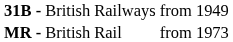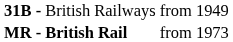 <table>
 <tr>
 <th align="left">31B -</th>
 <td>British Railways</td>
 <td>from 1949</td>
 </tr>
 <tr>
 <th align="left">MR -</th>
-<td>British Rail</td>
+<td><strong>British Rail</strong></td>
 <td>from 1973</td>
 </tr>
 </table>
